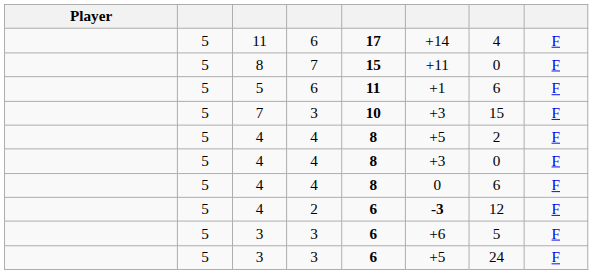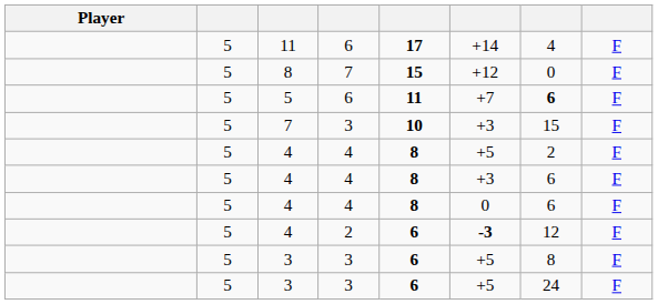 <table class="wikitable sortable" style="text-align:center;">
 <tr>
 <th width="175px">Player</th>
 <th width="50px"></th>
 <th width="50px"></th>
 <th width="50px"></th>
 <th width="60px"></th>
 <th width="60px"></th>
 <th width="50px"></th>
 <th width="60px"></th>
 </tr>
 <tr>
 <td align="left"> </td>
 <td>5</td>
 <td>11</td>
 <td>6</td>
 <td><strong>17</strong></td>
 <td>+14</td>
 <td>4</td>
 <td><a href='#'>F</a></td>
 </tr>
 <tr>
 <td align="left"> </td>
 <td>5</td>
 <td>8</td>
 <td>7</td>
 <td><strong>15</strong></td>
-<td>+11</td>
+<td>+12</td>
 <td>0</td>
 <td><a href='#'>F</a></td>
 </tr>
 <tr>
 <td align="left"> </td>
 <td>5</td>
 <td>5</td>
 <td>6</td>
 <td><strong>11</strong></td>
-<td>+1</td>
-<td>6</td>
+<td>+7</td>
+<td><strong>6</strong></td>
 <td><a href='#'>F</a></td>
 </tr>
 <tr>
 <td align="left"> </td>
 <td>5</td>
 <td>7</td>
 <td>3</td>
 <td><strong>10</strong></td>
 <td>+3</td>
 <td>15</td>
 <td><a href='#'>F</a></td>
 </tr>
 <tr>
 <td align="left"> </td>
 <td>5</td>
 <td>4</td>
 <td>4</td>
 <td><strong>8</strong></td>
 <td>+5</td>
 <td>2</td>
 <td><a href='#'>F</a></td>
 </tr>
 <tr>
 <td align="left"> </td>
 <td>5</td>
 <td>4</td>
 <td>4</td>
 <td><strong>8</strong></td>
 <td>+3</td>
-<td>0</td>
+<td>6</td>
 <td><a href='#'>F</a></td>
 </tr>
 <tr>
 <td align="left"> </td>
 <td>5</td>
 <td>4</td>
 <td>4</td>
 <td><strong>8</strong></td>
 <td>0</td>
 <td>6</td>
 <td><a href='#'>F</a></td>
 </tr>
 <tr>
 <td align="left"> </td>
 <td>5</td>
 <td>4</td>
 <td>2</td>
 <td><strong>6</strong></td>
 <td><strong>-3</strong></td>
 <td>12</td>
 <td><a href='#'>F</a></td>
 </tr>
 <tr>
 <td align="left"> </td>
 <td>5</td>
 <td>3</td>
 <td>3</td>
 <td><strong>6</strong></td>
-<td>+6</td>
-<td>5</td>
+<td>+5</td>
+<td>8</td>
 <td><a href='#'>F</a></td>
 </tr>
 <tr>
 <td align="left"> </td>
 <td>5</td>
 <td>3</td>
 <td>3</td>
 <td><strong>6</strong></td>
 <td>+5</td>
 <td>24</td>
 <td><a href='#'>F</a></td>
 </tr>
 </table>
